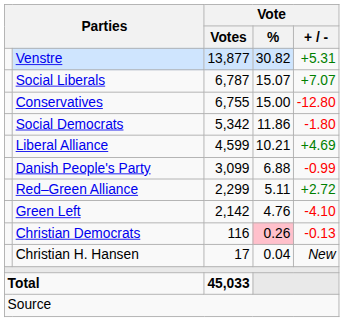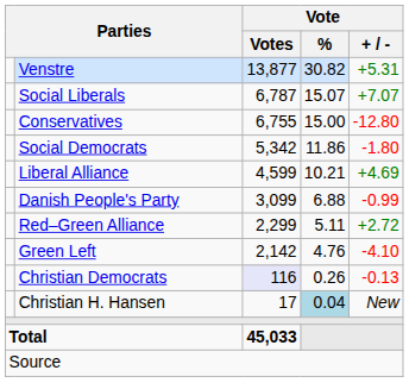 <table class="wikitable" style="text-align:right;">
 <tr>
 <th style="text-align:centre;" rowspan="2" colspan="2" width="225">Parties</th>
 <th colspan="3">Vote</th>
 </tr>
 <tr>
 <th width="15">Votes</th>
 <th width="15">%</th>
 <th width="15">+ / -</th>
 </tr>
 <tr>
 <td width="2" style="color:inherit;background:"></td>
 <td bgcolor=#cfe5fe  align="left"><a href='#'>Venstre</a></td>
 <td bgcolor=#cfe5fe>13,877</td>
 <td bgcolor=#cfe5fe>30.82</td>
 <td style=color:green;>+5.31</td>
 </tr>
 <tr>
 <td width="2" style="color:inherit;background:"></td>
 <td align="left"><a href='#'>Social Liberals</a></td>
 <td>6,787</td>
 <td>15.07</td>
 <td style=color:green;>+7.07</td>
 </tr>
 <tr>
 <td width="2" style="color:inherit;background:"></td>
 <td align="left"><a href='#'>Conservatives</a></td>
 <td>6,755</td>
 <td>15.00</td>
 <td style=color:red;>-12.80</td>
 </tr>
 <tr>
 <td width="2" style="color:inherit;background:"></td>
 <td align="left"><a href='#'>Social Democrats</a></td>
 <td>5,342</td>
 <td>11.86</td>
 <td style=color:red;>-1.80</td>
 </tr>
 <tr>
 <td width="2" style="color:inherit;background:"></td>
 <td align="left"><a href='#'>Liberal Alliance</a></td>
 <td>4,599</td>
 <td>10.21</td>
 <td style=color:green;>+4.69</td>
 </tr>
 <tr>
 <td width="2" style="color:inherit;background:"></td>
 <td align="left"><a href='#'>Danish People's Party</a></td>
 <td>3,099</td>
 <td>6.88</td>
 <td style=color:red;>-0.99</td>
 </tr>
 <tr>
 <td width="2" style="color:inherit;background:"></td>
 <td align="left"><a href='#'>Red–Green Alliance</a></td>
 <td>2,299</td>
 <td>5.11</td>
 <td style=color:green;>+2.72</td>
 </tr>
 <tr>
 <td width="2" style="color:inherit;background:"></td>
 <td align="left"><a href='#'>Green Left</a></td>
 <td>2,142</td>
 <td>4.76</td>
 <td style=color:red;>-4.10</td>
 </tr>
 <tr>
 <td width="2" style="color:inherit;background:"></td>
 <td align="left"><a href='#'>Christian Democrats</a></td>
-<td>116</td>
-<td style="background: pink;">0.26</td>
+<td style="background: lavender;">116</td>
+<td>0.26</td>
 <td style=color:red;>-0.13</td>
 </tr>
 <tr>
 <td width="2" style="color:inherit;background:"></td>
 <td align="left">Christian H. Hansen</td>
 <td>17</td>
-<td>0.04</td>
+<td style="background: lightblue;">0.04</td>
 <td><em>New</em></td>
 </tr>
 <tr>
 <td colspan="7" bgcolor="#E9E9E9"></td>
 </tr>
 <tr>
 <td align="left" colspan="2"><strong>Total</strong></td>
 <td><strong>45,033</strong></td>
 <td bgcolor="#E9E9E9" colspan="2"></td>
 </tr>
 <tr>
 <td align="left" colspan="6">Source</td>
 </tr>
 </table>
